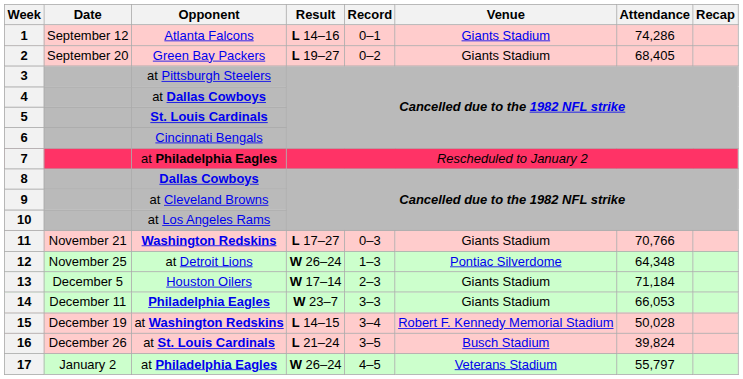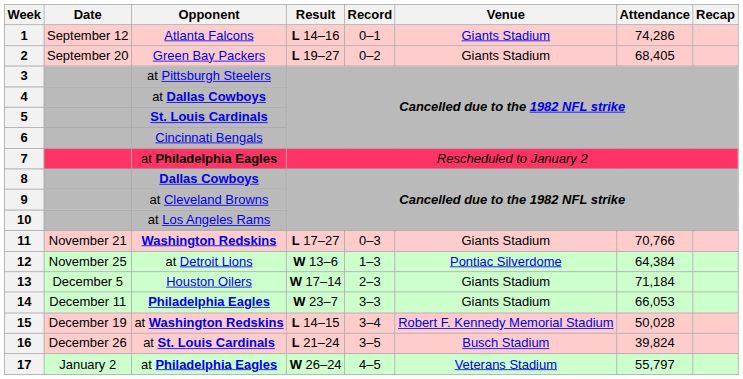 <table class="wikitable" style="text-align:center">
 <tr>
 <th>Week</th>
 <th>Date</th>
 <th>Opponent</th>
 <th>Result</th>
 <th>Record</th>
 <th>Venue</th>
 <th>Attendance</th>
 <th>Recap</th>
 </tr>
 <tr style="background:#fcc">
 <th>1</th>
 <td>September 12</td>
 <td><a href='#'>Atlanta Falcons</a></td>
 <td><strong>L</strong> 14–16</td>
 <td>0–1</td>
 <td><a href='#'>Giants Stadium</a></td>
 <td>74,286</td>
 <td></td>
 </tr>
 <tr style="background:#fcc">
 <th>2</th>
 <td>September 20</td>
 <td><a href='#'>Green Bay Packers</a></td>
 <td><strong>L</strong> 19–27</td>
 <td>0–2</td>
 <td>Giants Stadium</td>
 <td>68,405</td>
 <td></td>
 </tr>
 <tr style="background:#bababa">
 <th>3</th>
 <td></td>
 <td>at <a href='#'>Pittsburgh Steelers</a></td>
 <td colspan="5" align="center"; rowspan="4"><strong><em>Cancelled due to the <a href='#'>1982 NFL strike</a></em></strong></td>
 </tr>
 <tr style="background:#bababa">
 <th>4</th>
 <td></td>
 <td>at <strong><a href='#'>Dallas Cowboys</a></strong></td>
 </tr>
 <tr style="background:#bababa">
 <th>5</th>
 <td></td>
 <td><strong><a href='#'>St. Louis Cardinals</a></strong></td>
 </tr>
 <tr style="background:#bababa">
 <th>6</th>
 <td></td>
 <td><a href='#'>Cincinnati Bengals</a></td>
 </tr>
 <tr style="background:#F36; text-align:center;">
 <th>7</th>
 <td></td>
 <td>at <strong>Philadelphia Eagles</strong></td>
 <td colspan="6" align="center"><em>Rescheduled to January 2</em></td>
 </tr>
 <tr style="background:#bababa">
 <th>8</th>
 <td></td>
 <td><strong><a href='#'>Dallas Cowboys</a></strong></td>
 <td colspan="5" align="center"; rowspan="3"><strong><em>Cancelled due to the 1982 NFL strike</em></strong></td>
 </tr>
 <tr style="background:#bababa">
 <th>9</th>
 <td></td>
 <td>at <a href='#'>Cleveland Browns</a></td>
 </tr>
 <tr style="background:#bababa">
 <th>10</th>
 <td></td>
 <td>at <a href='#'>Los Angeles Rams</a></td>
 </tr>
 <tr style="background:#fcc">
 <th>11</th>
 <td>November 21</td>
 <td><strong><a href='#'>Washington Redskins</a></strong></td>
 <td><strong>L</strong> 17–27</td>
 <td>0–3</td>
 <td>Giants Stadium</td>
 <td>70,766</td>
 <td></td>
 </tr>
 <tr style="background:#cfc">
 <th>12</th>
 <td>November 25</td>
 <td>at <a href='#'>Detroit Lions</a></td>
-<td><strong>W</strong> 26–24</td>
+<td><strong>W</strong> 13–6</td>
 <td>1–3</td>
 <td><a href='#'>Pontiac Silverdome</a></td>
-<td>64,348</td>
+<td>64,384</td>
 <td></td>
 </tr>
 <tr style="background:#cfc">
 <th>13</th>
 <td>December 5</td>
 <td><a href='#'>Houston Oilers</a></td>
 <td><strong>W</strong> 17–14</td>
 <td>2–3</td>
 <td>Giants Stadium</td>
 <td>71,184</td>
 <td></td>
 </tr>
 <tr style="background:#cfc">
 <th>14</th>
 <td>December 11</td>
 <td><strong><a href='#'>Philadelphia Eagles</a></strong></td>
 <td><strong>W</strong> 23–7</td>
 <td>3–3</td>
 <td>Giants Stadium</td>
 <td>66,053</td>
 <td></td>
 </tr>
 <tr style="background:#fcc">
 <th>15</th>
 <td>December 19</td>
 <td>at <strong><a href='#'>Washington Redskins</a></strong></td>
 <td><strong>L</strong> 14–15</td>
 <td>3–4</td>
 <td><a href='#'>Robert F. Kennedy Memorial Stadium</a></td>
 <td>50,028</td>
 <td></td>
 </tr>
 <tr style="background:#fcc">
 <th>16</th>
 <td>December 26</td>
 <td>at <strong><a href='#'>St. Louis Cardinals</a></strong></td>
 <td><strong>L</strong> 21–24</td>
 <td>3–5</td>
 <td><a href='#'>Busch Stadium</a></td>
 <td>39,824</td>
 <td></td>
 </tr>
 <tr style="background:#cfc">
 <th>17</th>
 <td>January 2</td>
 <td>at <strong><a href='#'>Philadelphia Eagles</a></strong></td>
 <td><strong>W</strong> 26–24</td>
 <td>4–5</td>
 <td><a href='#'>Veterans Stadium</a></td>
 <td>55,797</td>
 <td></td>
 </tr>
 </table>
